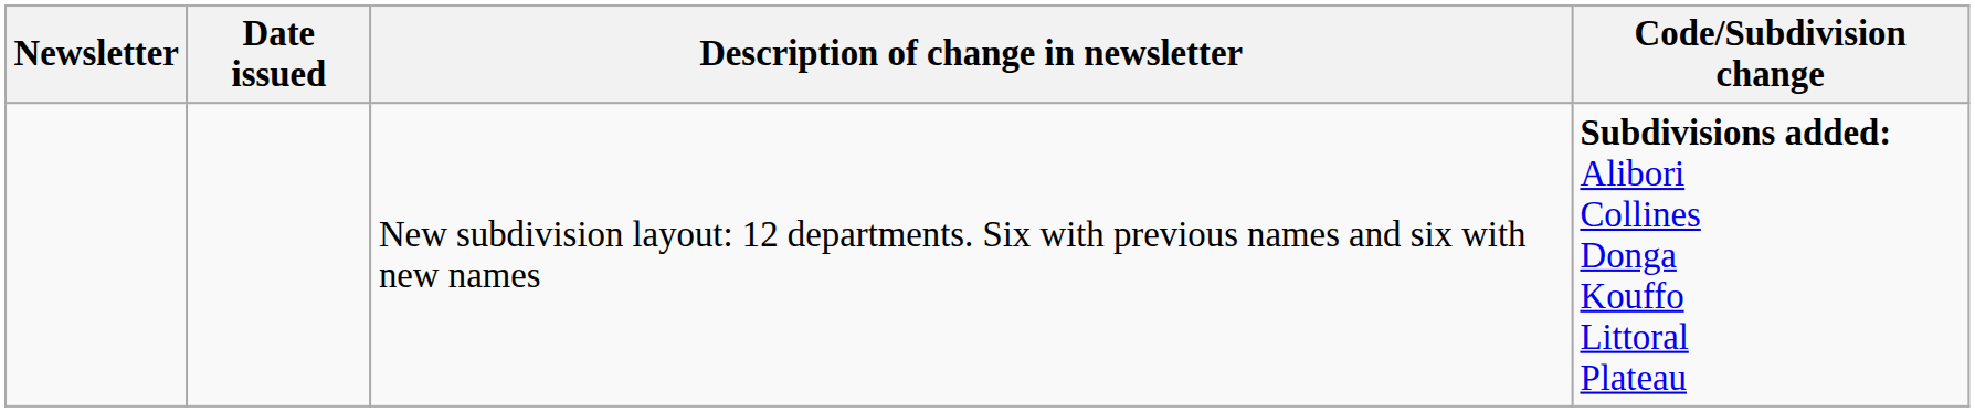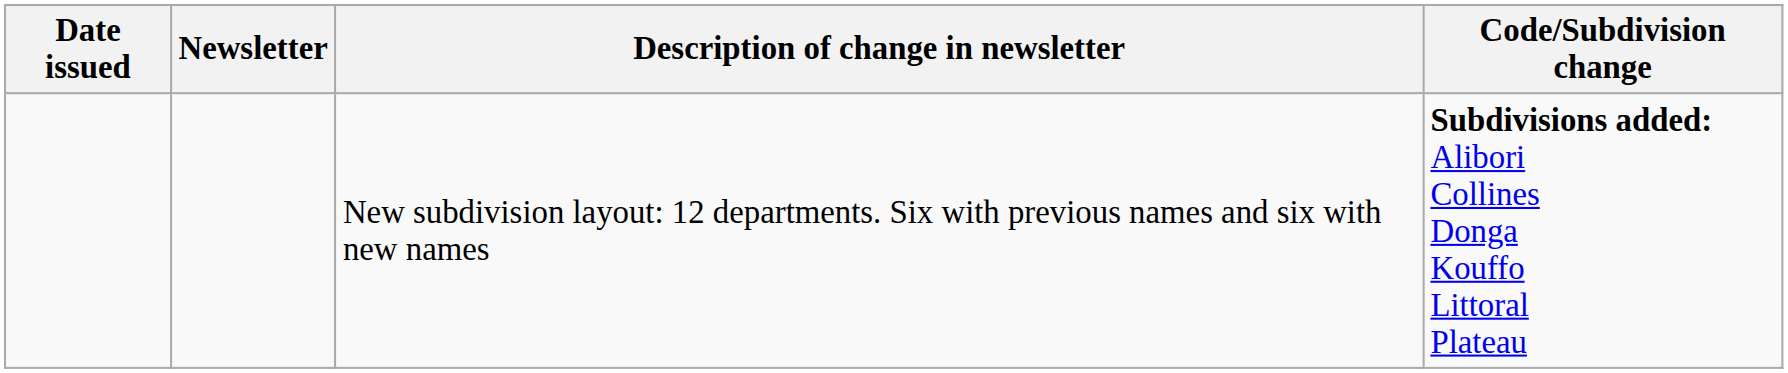 <table class="wikitable">
 <tr>
+<th>Date issued</th>
 <th>Newsletter</th>
-<th>Date issued</th>
 <th>Description of change in newsletter</th>
 <th>Code/Subdivision change</th>
 </tr>
 <tr>
+<td></td>
 <td id="I-2"></td>
-<td></td>
 <td>New subdivision layout: 12 departments. Six with previous names and six with new names</td>
 <td style=white-space:nowrap><strong>Subdivisions added:</strong><br>  <a href='#'>Alibori</a><br>  <a href='#'>Collines</a><br>  <a href='#'>Donga</a><br>  <a href='#'>Kouffo</a><br>  <a href='#'>Littoral</a><br>  <a href='#'>Plateau</a></td>
 </tr>
 </table>
